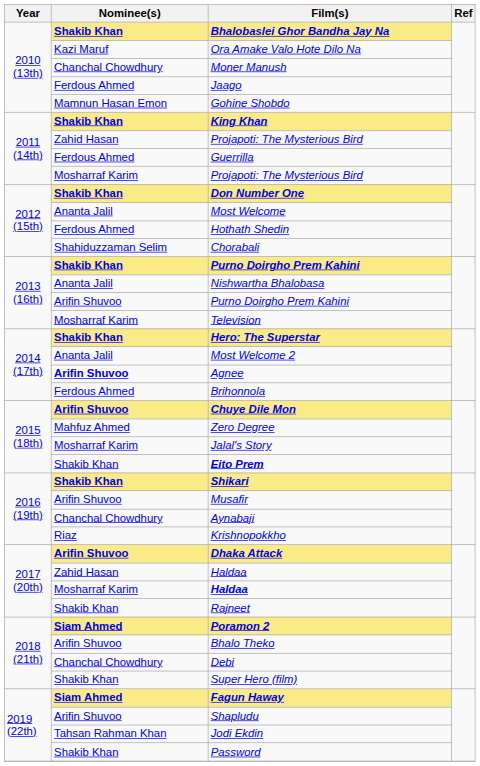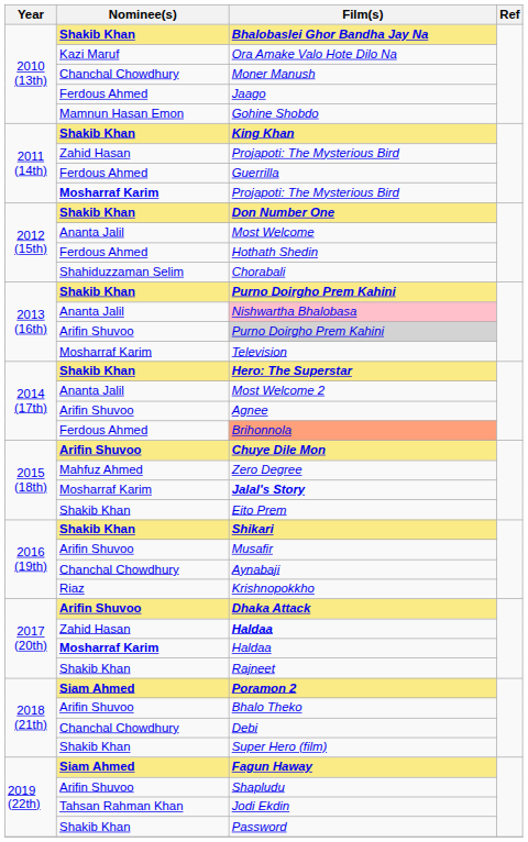 <table class="wikitable sortable">
 <tr>
 <th width="10%">Year</th>
 <th>Nominee(s)</th>
 <th>Film(s)</th>
 <th width="5%" class="unsortable">Ref</th>
 </tr>
 <tr>
 <td rowspan="5" style="text-align:center;"><a href='#'>2010</a><br><a href='#'>(13th)</a></td>
 <td style="background:#FAEB86;"><strong><a href='#'>Shakib Khan</a></strong></td>
 <td style="background:#FAEB86;"><strong><em><a href='#'>Bhalobaslei Ghor Bandha Jay Na</a></em></strong></td>
 <td rowspan="5"></td>
 </tr>
 <tr>
 <td><a href='#'>Kazi Maruf</a></td>
 <td><em><a href='#'>Ora Amake Valo Hote Dilo Na</a></em></td>
 </tr>
 <tr>
 <td><a href='#'>Chanchal Chowdhury</a></td>
 <td><em><a href='#'>Moner Manush</a></em></td>
 </tr>
 <tr>
 <td><a href='#'>Ferdous Ahmed</a></td>
 <td><em><a href='#'>Jaago</a></em></td>
 </tr>
 <tr>
 <td><a href='#'>Mamnun Hasan Emon</a></td>
 <td><em><a href='#'>Gohine Shobdo</a></em></td>
 </tr>
 <tr>
 <td rowspan="4" style="text-align:center;"><a href='#'>2011</a><br><a href='#'>(14th)</a></td>
 <td style="background:#FAEB86;"><strong><a href='#'>Shakib Khan</a></strong></td>
 <td style="background:#FAEB86;"><strong><em><a href='#'>King Khan</a></em></strong></td>
 <td rowspan="4"></td>
 </tr>
 <tr>
 <td><a href='#'>Zahid Hasan</a></td>
 <td><em><a href='#'>Projapoti: The Mysterious Bird</a></em></td>
 </tr>
 <tr>
 <td><a href='#'>Ferdous Ahmed</a></td>
 <td><em><a href='#'>Guerrilla</a></em></td>
 </tr>
 <tr>
-<td><a href='#'>Mosharraf Karim</a></td>
+<td><strong><a href='#'>Mosharraf Karim</a></strong></td>
 <td><em><a href='#'>Projapoti: The Mysterious Bird</a></em></td>
 </tr>
 <tr>
 <td rowspan="4" style="text-align:center;"><a href='#'>2012</a><br><a href='#'>(15th)</a></td>
 <td style="background:#FAEB86;"><strong><a href='#'>Shakib Khan</a></strong></td>
 <td style="background:#FAEB86;"><strong><em><a href='#'>Don Number One</a></em></strong></td>
 <td rowspan="4"></td>
 </tr>
 <tr>
 <td><a href='#'>Ananta Jalil</a></td>
 <td><em><a href='#'>Most Welcome</a></em></td>
 </tr>
 <tr>
 <td><a href='#'>Ferdous Ahmed</a></td>
 <td><em><a href='#'>Hothath Shedin</a></em></td>
 </tr>
 <tr>
 <td><a href='#'>Shahiduzzaman Selim</a></td>
 <td><em><a href='#'>Chorabali</a></em></td>
 </tr>
 <tr>
 <td rowspan="4" style="text-align:center;"><a href='#'>2013</a><br><a href='#'>(16th)</a></td>
 <td style="background:#FAEB86;"><strong><a href='#'>Shakib Khan</a></strong></td>
 <td style="background:#FAEB86;"><strong><em><a href='#'>Purno Doirgho Prem Kahini</a></em></strong></td>
 <td rowspan="4"><br></td>
 </tr>
 <tr>
 <td><a href='#'>Ananta Jalil</a></td>
-<td><em><a href='#'>Nishwartha Bhalobasa</a></em></td>
+<td style="background: pink;"><em><a href='#'>Nishwartha Bhalobasa</a></em></td>
 </tr>
 <tr>
 <td><a href='#'>Arifin Shuvoo</a></td>
-<td><em><a href='#'>Purno Doirgho Prem Kahini</a></em></td>
+<td style="background: lightgrey;"><em><a href='#'>Purno Doirgho Prem Kahini</a></em></td>
 </tr>
 <tr>
 <td><a href='#'>Mosharraf Karim</a></td>
 <td><em><a href='#'>Television</a></em></td>
 </tr>
 <tr>
 <td rowspan="4" style="text-align:center;"><a href='#'>2014</a><br><a href='#'>(17th)</a></td>
 <td style="background:#FAEB86;"><strong><a href='#'>Shakib Khan</a></strong></td>
 <td style="background:#FAEB86;"><strong><em><a href='#'>Hero: The Superstar</a></em></strong></td>
 <td rowspan="4"></td>
 </tr>
 <tr>
 <td><a href='#'>Ananta Jalil</a></td>
 <td><em><a href='#'>Most Welcome 2</a></em></td>
 </tr>
 <tr>
-<td><strong><a href='#'>Arifin Shuvoo</a></strong></td>
+<td><a href='#'>Arifin Shuvoo</a></td>
 <td><em><a href='#'>Agnee</a></em></td>
 </tr>
 <tr>
 <td><a href='#'>Ferdous Ahmed</a></td>
-<td><em><a href='#'>Brihonnola</a></em></td>
+<td style="background: lightsalmon;"><em><a href='#'>Brihonnola</a></em></td>
 </tr>
 <tr>
 <td rowspan="4" style="text-align:center;"><a href='#'>2015</a><br><a href='#'>(18th)</a></td>
 <td style="background:#FAEB86;"><strong><a href='#'>Arifin Shuvoo</a></strong></td>
 <td style="background:#FAEB86;"><strong><em><a href='#'>Chuye Dile Mon</a></em></strong></td>
 <td rowspan="4"></td>
 </tr>
 <tr>
 <td><a href='#'>Mahfuz Ahmed</a></td>
 <td><em><a href='#'>Zero Degree</a></em></td>
 </tr>
 <tr>
 <td><a href='#'>Mosharraf Karim</a></td>
-<td><em><a href='#'>Jalal's Story</a></em></td>
+<td><strong><em><a href='#'>Jalal's Story</a></em></strong></td>
 </tr>
 <tr>
 <td><a href='#'>Shakib Khan</a></td>
-<td><strong><em><a href='#'>Eito Prem</a></em></strong></td>
+<td><em><a href='#'>Eito Prem</a></em></td>
 </tr>
 <tr>
 <td rowspan="4" style="text-align:center;"><a href='#'>2016</a><br><a href='#'>(19th)</a></td>
 <td style="background:#FAEB86;"><strong><a href='#'>Shakib Khan</a></strong></td>
 <td style="background:#FAEB86;"><strong><em><a href='#'>Shikari</a></em></strong></td>
 <td rowspan="4"></td>
 </tr>
 <tr>
 <td><a href='#'>Arifin Shuvoo</a></td>
 <td><a href='#'><em>Musafir</em></a></td>
 </tr>
 <tr>
 <td><a href='#'>Chanchal Chowdhury</a></td>
 <td><em><a href='#'>Aynabaji</a></em></td>
 </tr>
 <tr>
 <td><a href='#'>Riaz</a></td>
 <td><em><a href='#'>Krishnopokkho</a></em></td>
 </tr>
 <tr>
 <td rowspan="4" style="text-align:center;"><a href='#'>2017</a><br><a href='#'>(20th)</a></td>
 <td style="background:#FAEB86;"><strong><a href='#'>Arifin Shuvoo</a></strong></td>
 <td style="background:#FAEB86;"><strong><em><a href='#'>Dhaka Attack</a></em></strong></td>
 <td rowspan="4"></td>
 </tr>
 <tr>
 <td><a href='#'>Zahid Hasan</a></td>
-<td><em><a href='#'>Haldaa</a></em></td>
+<td><strong><em><a href='#'>Haldaa</a></em></strong></td>
 </tr>
 <tr>
-<td><a href='#'>Mosharraf Karim</a></td>
-<td><strong><em><a href='#'>Haldaa</a></em></strong></td>
+<td><strong><a href='#'>Mosharraf Karim</a></strong></td>
+<td><em><a href='#'>Haldaa</a></em></td>
 </tr>
 <tr>
 <td><a href='#'>Shakib Khan</a></td>
 <td><em><a href='#'>Rajneet</a></em></td>
 </tr>
 <tr>
 <td rowspan="4" style="text-align:center;"><a href='#'>2018</a><br><a href='#'>(21th)</a></td>
 <td style="background:#FAEB86;"><strong><a href='#'>Siam Ahmed</a></strong></td>
 <td style="background:#FAEB86;"><strong><em><a href='#'>Poramon 2</a></em></strong></td>
 <td rowspan="4"></td>
 </tr>
 <tr>
 <td><a href='#'>Arifin Shuvoo</a></td>
 <td><em><a href='#'>Bhalo Theko</a></em></td>
 </tr>
 <tr>
 <td><a href='#'>Chanchal Chowdhury</a></td>
 <td><em><a href='#'>Debi</a></em></td>
 </tr>
 <tr>
 <td><a href='#'>Shakib Khan</a></td>
 <td><em><a href='#'>Super Hero (film)</a></em></td>
 </tr>
 <tr>
 <td rowspan="4"><a href='#'>2019</a><br><a href='#'>(22th)</a></td>
 <td style="background:#FAEB86;"><strong><a href='#'>Siam Ahmed</a></strong></td>
 <td style="background:#FAEB86;"><strong><em><a href='#'>Fagun Haway</a></em></strong></td>
 <td rowspan="4"></td>
 </tr>
 <tr>
 <td><a href='#'>Arifin Shuvoo</a></td>
 <td><em><a href='#'>Shapludu</a></em></td>
 </tr>
 <tr>
 <td><a href='#'>Tahsan Rahman Khan</a></td>
 <td><em><a href='#'>Jodi Ekdin</a></em></td>
 </tr>
 <tr>
 <td><a href='#'>Shakib Khan</a></td>
 <td><em><a href='#'>Password</a></em></td>
 </tr>
 <tr>
 </tr>
 </table>
